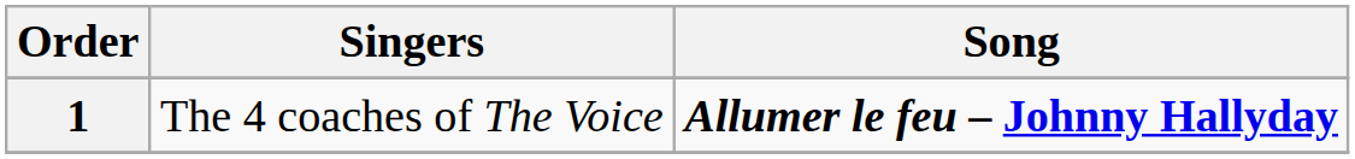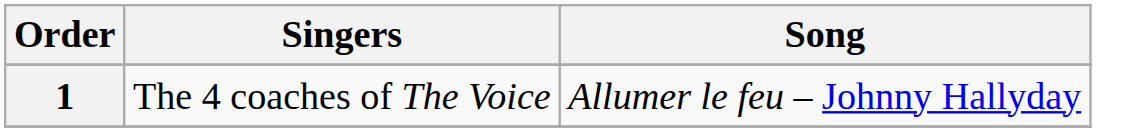 <table class="wikitable sortable" style="text-align: center; width: auto;">
 <tr>
 <th>Order</th>
 <th>Singers</th>
 <th>Song</th>
 </tr>
 <tr>
 </tr>
 <tr>
 <th>1</th>
 <td>The 4 coaches of <em>The Voice</em><br></td>
-<td><strong><em>Allumer le feu</em> – <a href='#'>Johnny Hallyday</a></strong></td>
+<td><em>Allumer le feu</em> – <a href='#'>Johnny Hallyday</a></td>
 </tr>
 <tr>
 </tr>
 </table>
